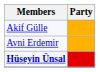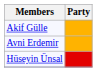 <table class=wikitable style="border:1px solid #8888aa; background-color:#f7f8ff; padding:0px; font-size:90%;">
 <tr>
 <th>Members</th>
 <th colspan="2">Party</th>
 </tr>
 <tr>
 <td><a href='#'>Akif Gülle</a></td>
 <td style="background: #ffb300"></td>
 </tr>
 <tr>
 <td><a href='#'>Avni Erdemir</a></td>
 <td style="background: #ffb300"></td>
 </tr>
 <tr>
-<td><strong><a href='#'>Hüseyin Ünsal</a></strong></td>
+<td><a href='#'>Hüseyin Ünsal</a></td>
 <td style="background: #e30000"></td>
 </tr>
 <tr>
 </tr>
 </table>
